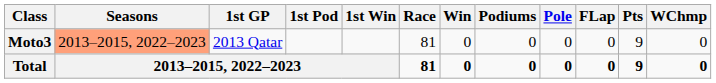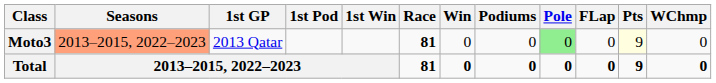 <table class="wikitable" style="text-align:right;">
 <tr>
 <th>Class</th>
 <th>Seasons</th>
 <th>1st GP</th>
 <th>1st Pod</th>
 <th>1st Win</th>
 <th>Race</th>
 <th>Win</th>
 <th>Podiums</th>
 <th><a href='#'>Pole</a></th>
 <th>FLap</th>
 <th>Pts</th>
 <th>WChmp</th>
 </tr>
 <tr>
 <th>Moto3</th>
 <td style="background: lightsalmon;">2013–2015, 2022–2023</td>
 <td style="text-align:left;"><a href='#'>2013 Qatar</a></td>
 <td style="text-align:left;"></td>
 <td style="text-align:left;"></td>
-<td>81</td>
+<td><strong>81</strong></td>
 <td>0</td>
 <td>0</td>
+<td style="background: lightgreen;">0</td>
 <td>0</td>
-<td>0</td>
-<td>9</td>
+<td style="background: lightyellow;">9</td>
 <td>0</td>
 </tr>
 <tr>
 <th>Total</th>
 <th colspan="4">2013–2015, 2022–2023</th>
 <td><strong>81</strong></td>
 <td><strong>0</strong></td>
 <td><strong>0</strong></td>
 <td><strong>0</strong></td>
 <td><strong>0</strong></td>
 <td><strong>9</strong></td>
 <td><strong>0</strong></td>
 </tr>
 </table>
